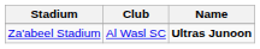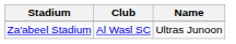 <table class="wikitable">
 <tr>
 <th>Stadium</th>
 <th>Club</th>
 <th>Name</th>
 </tr>
 <tr>
 </tr>
 <tr>
 <td style="text-align:left;"><a href='#'>Za'abeel Stadium</a></td>
 <td><a href='#'>Al Wasl SC</a></td>
-<td><strong>Ultras Junoon</strong></td>
+<td>Ultras Junoon</td>
 </tr>
 </table>
